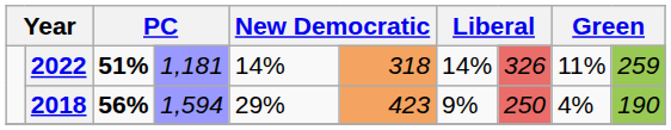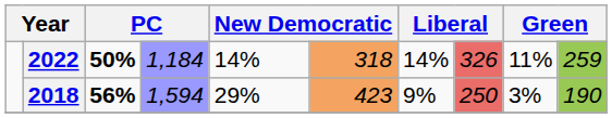 <table class="wikitable" style="width:400; font-size:90%; margin-left:1em;">
 <tr>
 <th colspan="2" scope="col">Year</th>
 <th colspan="2" scope="col"><a href='#'>PC</a></th>
 <th colspan="2" scope="col"><a href='#'>New Democratic</a></th>
 <th colspan="2" scope="col"><a href='#'>Liberal</a></th>
 <th colspan="2" scope="col"><a href='#'>Green</a></th>
 </tr>
 <tr>
 <td rowspan="2" style="width: 0.25em; background-color: "></td>
 <th><a href='#'>2022</a></th>
-<td><strong>51%</strong></td>
-<td style="text-align:right; background:#9999FF;"><em>1,181</em></td>
+<td><strong>50%</strong></td>
+<td style="text-align:right; background:#9999FF;"><em>1,184</em></td>
 <td>14%</td>
 <td style="text-align:right; background:#F4A460;"><em>318</em></td>
 <td>14%</td>
 <td style="text-align:right; background:#EA6D6A;"><em>326</em></td>
 <td>11%</td>
 <td style="text-align:right; background:#99C955;"><em>259</em></td>
 </tr>
 <tr>
 <th><a href='#'>2018</a></th>
 <td><strong>56%</strong></td>
 <td style="text-align:right; background:#9999FF;"><em>1,594</em></td>
 <td>29%</td>
 <td style="text-align:right; background:#F4A460;"><em>423</em></td>
 <td>9%</td>
 <td style="text-align:right; background:#EA6D6A;"><em>250</em></td>
-<td>4%</td>
+<td>3%</td>
 <td style="text-align:right; background:#99C955;"><em>190</em></td>
 </tr>
 <tr>
 </tr>
 </table>
